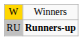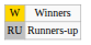 <table class="wikitable" style="text-align:center">
 <tr>
 <td style=background:gold>W</td>
 <td>Winners</td>
 </tr>
 <tr>
 <td style=background:silver>RU</td>
-<td><strong>Runners-up</strong></td>
+<td>Runners-up</td>
 </tr>
 </table>
